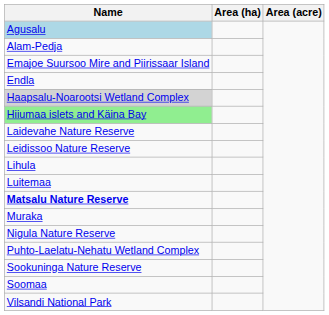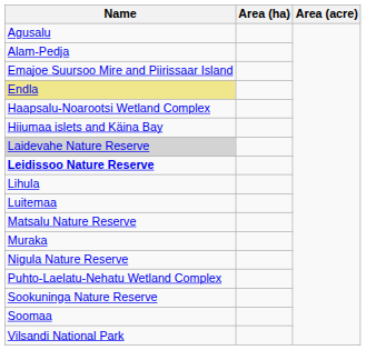 <table class="wikitable">
 <tr>
 <th scope="col" align=left>Name</th>
 <th scope="col">Area (ha)</th>
 <th scope="col">Area (acre)</th>
 </tr>
 <tr ---->
-<td style="background: lightblue;"><a href='#'>Agusalu</a></td>
+<td><a href='#'>Agusalu</a></td>
 <td></td>
 </tr>
 <tr ---->
 <td><a href='#'>Alam-Pedja</a></td>
 <td></td>
 </tr>
 <tr ---->
 <td><a href='#'>Emajoe Suursoo Mire and Piirissaar Island</a></td>
 <td></td>
 </tr>
 <tr ---->
-<td><a href='#'>Endla</a></td>
+<td style="background: khaki;"><a href='#'>Endla</a></td>
 <td></td>
 </tr>
 <tr ---->
-<td style="background: lightgrey;"><a href='#'>Haapsalu-Noarootsi Wetland Complex</a></td>
+<td><a href='#'>Haapsalu-Noarootsi Wetland Complex</a></td>
 <td></td>
 </tr>
 <tr ---->
-<td style="background: lightgreen;"><a href='#'>Hiiumaa islets and Käina Bay</a></td>
+<td><a href='#'>Hiiumaa islets and Käina Bay</a></td>
 <td></td>
 </tr>
 <tr ---->
-<td><a href='#'>Laidevahe Nature Reserve</a></td>
+<td style="background: lightgrey;"><a href='#'>Laidevahe Nature Reserve</a></td>
 <td></td>
 </tr>
 <tr ---->
-<td><a href='#'>Leidissoo Nature Reserve</a></td>
+<td><strong><a href='#'>Leidissoo Nature Reserve</a></strong></td>
 <td></td>
 </tr>
 <tr ---->
 <td><a href='#'>Lihula</a></td>
 <td></td>
 </tr>
 <tr ---->
 <td><a href='#'>Luitemaa</a></td>
 <td></td>
 </tr>
 <tr ---->
-<td><strong><a href='#'>Matsalu Nature Reserve</a></strong></td>
+<td><a href='#'>Matsalu Nature Reserve</a></td>
 <td></td>
 </tr>
 <tr ---->
 <td><a href='#'>Muraka</a></td>
 <td></td>
 </tr>
 <tr ---->
 <td><a href='#'>Nigula Nature Reserve</a></td>
 <td></td>
 </tr>
 <tr ---->
 <td><a href='#'>Puhto-Laelatu-Nehatu Wetland Complex</a></td>
 <td></td>
 </tr>
 <tr ---->
 <td><a href='#'>Sookuninga Nature Reserve</a></td>
 <td></td>
 </tr>
 <tr ---->
 <td><a href='#'>Soomaa</a></td>
 <td></td>
 </tr>
 <tr ---->
 <td><a href='#'>Vilsandi National Park</a></td>
 <td></td>
 </tr>
 </table>
